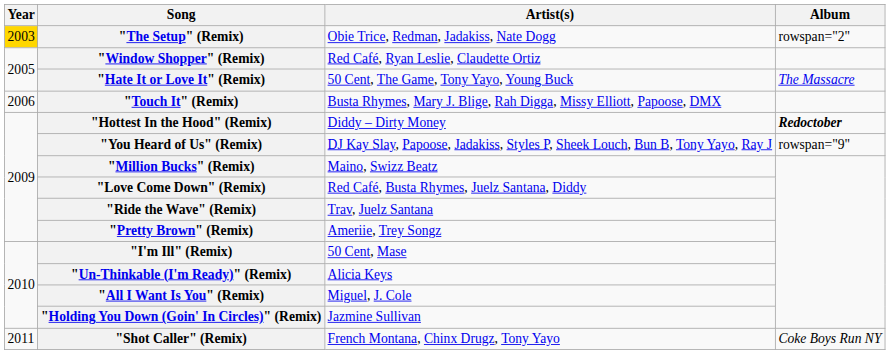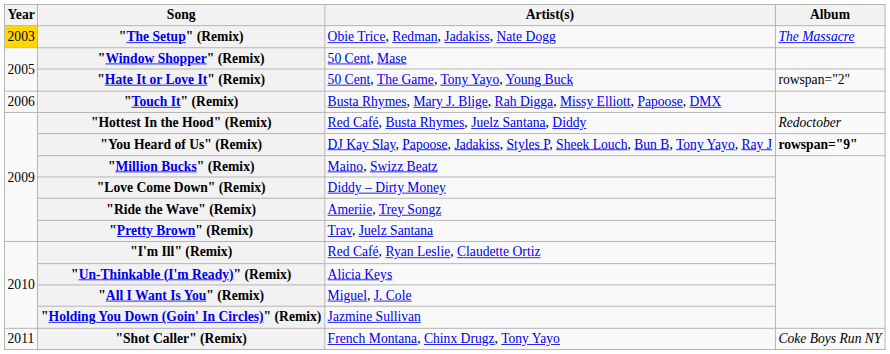 <table class="wikitable">
 <tr>
 <th>Year</th>
 <th>Song</th>
 <th>Artist(s)</th>
 <th>Album</th>
 </tr>
 <tr>
 <td style="background: gold;">2003</td>
 <th scope="row">"<a href='#'>The Setup</a>" (Remix)</th>
 <td><a href='#'>Obie Trice</a>, <a href='#'>Redman</a>, <a href='#'>Jadakiss</a>, <a href='#'>Nate Dogg</a></td>
-<td>rowspan="2" </td>
+<td><em><a href='#'>The Massacre</a></em></td>
 </tr>
 <tr>
 <td rowspan="2">2005</td>
 <th scope="row">"<a href='#'>Window Shopper</a>" (Remix)</th>
-<td><a href='#'>Red Café</a>, <a href='#'>Ryan Leslie</a>, <a href='#'>Claudette Ortiz</a></td>
+<td><a href='#'>50 Cent</a>, <a href='#'>Mase</a></td>
 </tr>
 <tr>
 <th scope="row">"<a href='#'>Hate It or Love It</a>" (Remix)</th>
 <td><a href='#'>50 Cent</a>, <a href='#'>The Game</a>, <a href='#'>Tony Yayo</a>, <a href='#'>Young Buck</a></td>
-<td><em><a href='#'>The Massacre</a></em></td>
+<td>rowspan="2" </td>
 </tr>
 <tr>
 <td>2006</td>
 <th scope="row">"<a href='#'>Touch It</a>" (Remix)</th>
 <td><a href='#'>Busta Rhymes</a>, <a href='#'>Mary J. Blige</a>, <a href='#'>Rah Digga</a>, <a href='#'>Missy Elliott</a>, <a href='#'>Papoose</a>, <a href='#'>DMX</a></td>
 <td></td>
 </tr>
 <tr>
 <td rowspan="6">2009</td>
 <th scope="row">"Hottest In the Hood" (Remix)</th>
-<td><a href='#'>Diddy – Dirty Money</a></td>
-<td><strong><em>Redoctober</em></strong></td>
+<td><a href='#'>Red Café</a>, <a href='#'>Busta Rhymes</a>, <a href='#'>Juelz Santana</a>, <a href='#'>Diddy</a></td>
+<td><em>Redoctober</em></td>
 </tr>
 <tr>
 <th scope="row">"You Heard of Us" (Remix)</th>
 <td><a href='#'>DJ Kay Slay</a>, <a href='#'>Papoose</a>, <a href='#'>Jadakiss</a>, <a href='#'>Styles P</a>, <a href='#'>Sheek Louch</a>, <a href='#'>Bun B</a>, <a href='#'>Tony Yayo</a>, <a href='#'>Ray J</a></td>
-<td>rowspan="9" </td>
+<td><strong>rowspan="9" </strong></td>
 </tr>
 <tr>
 <th scope="row">"<a href='#'>Million Bucks</a>" (Remix)</th>
 <td><a href='#'>Maino</a>, <a href='#'>Swizz Beatz</a></td>
 </tr>
 <tr>
 <th scope="row">"Love Come Down" (Remix)</th>
-<td><a href='#'>Red Café</a>, <a href='#'>Busta Rhymes</a>, <a href='#'>Juelz Santana</a>, <a href='#'>Diddy</a></td>
+<td><a href='#'>Diddy – Dirty Money</a></td>
 </tr>
 <tr>
 <th scope="row">"Ride the Wave" (Remix)</th>
-<td><a href='#'>Trav</a>, <a href='#'>Juelz Santana</a></td>
+<td><a href='#'>Ameriie</a>, <a href='#'>Trey Songz</a></td>
 </tr>
 <tr>
 <th scope="row">"<a href='#'>Pretty Brown</a>" (Remix)</th>
-<td><a href='#'>Ameriie</a>, <a href='#'>Trey Songz</a></td>
+<td><a href='#'>Trav</a>, <a href='#'>Juelz Santana</a></td>
 </tr>
 <tr>
 <td rowspan="4">2010</td>
 <th scope="row">"I'm Ill" (Remix)</th>
-<td><a href='#'>50 Cent</a>, <a href='#'>Mase</a></td>
+<td><a href='#'>Red Café</a>, <a href='#'>Ryan Leslie</a>, <a href='#'>Claudette Ortiz</a></td>
 </tr>
 <tr>
 <th scope="row">"<a href='#'>Un-Thinkable (I'm Ready)</a>" (Remix)</th>
 <td><a href='#'>Alicia Keys</a></td>
 </tr>
 <tr>
 <th scope="row">"<a href='#'>All I Want Is You</a>" (Remix)</th>
 <td><a href='#'>Miguel</a>, <a href='#'>J. Cole</a></td>
 </tr>
 <tr>
 <th scope="row">"<a href='#'>Holding You Down (Goin' In Circles)</a>" (Remix)</th>
 <td><a href='#'>Jazmine Sullivan</a></td>
 </tr>
 <tr>
 <td>2011</td>
 <th scope="row">"Shot Caller" (Remix)</th>
 <td><a href='#'>French Montana</a>, <a href='#'>Chinx Drugz</a>, <a href='#'>Tony Yayo</a></td>
 <td><em>Coke Boys Run NY</em></td>
 </tr>
 </table>
